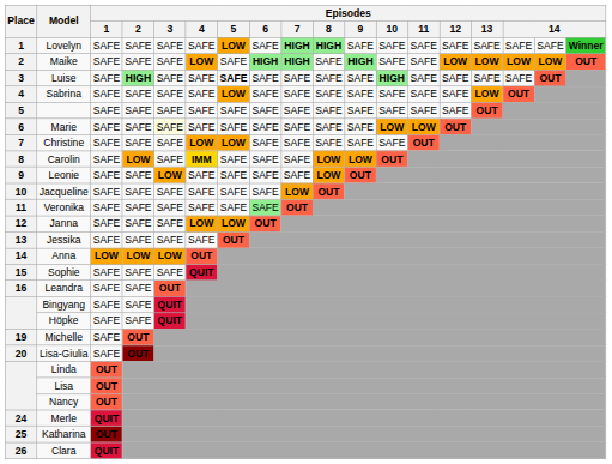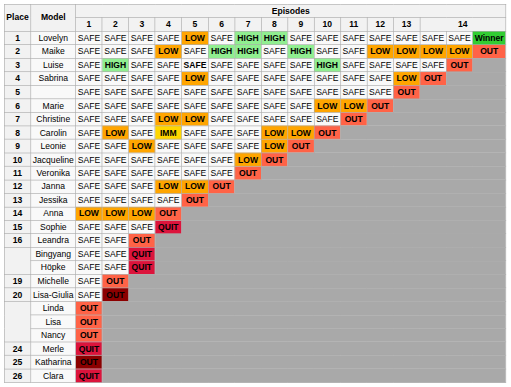 <table class="wikitable" style="width:50%; text-align:center; font-size:85%;">
 <tr>
 <th rowspan="2">Place</th>
 <th rowspan="2">Model</th>
 <th colspan="16">Episodes</th>
 </tr>
 <tr>
 <th>1</th>
 <th>2</th>
 <th>3</th>
 <th>4</th>
 <th>5</th>
 <th>6</th>
 <th>7</th>
 <th>8</th>
 <th>9</th>
 <th>10</th>
 <th>11</th>
 <th>12</th>
 <th>13</th>
 <th colspan="3">14</th>
 </tr>
 <tr>
 <th>1</th>
 <td>Lovelyn</td>
 <td>SAFE</td>
 <td>SAFE</td>
 <td>SAFE</td>
 <td>SAFE</td>
 <td style="background:orange;"><strong>LOW</strong></td>
 <td>SAFE</td>
 <td style="background:lightgreen;"><strong>HIGH</strong></td>
 <td style="background:lightgreen;"><strong>HIGH</strong></td>
 <td>SAFE</td>
 <td>SAFE</td>
 <td>SAFE</td>
 <td>SAFE</td>
 <td>SAFE</td>
 <td>SAFE</td>
 <td>SAFE</td>
 <td style="background:limegreen;"><strong>Winner</strong></td>
 </tr>
 <tr>
 <th>2</th>
 <td>Maike</td>
 <td>SAFE</td>
 <td>SAFE</td>
 <td>SAFE</td>
 <td style="background:orange;"><strong>LOW</strong></td>
 <td>SAFE</td>
 <td style="background:lightgreen;"><strong>HIGH</strong></td>
 <td style="background:lightgreen;"><strong>HIGH</strong></td>
 <td>SAFE</td>
 <td style="background:lightgreen;"><strong>HIGH</strong></td>
 <td>SAFE</td>
 <td>SAFE</td>
 <td style="background:orange;"><strong>LOW</strong></td>
 <td style="background:orange;"><strong>LOW</strong></td>
 <td style="background:orange;"><strong>LOW</strong></td>
 <td style="background:orange;"><strong>LOW</strong></td>
 <td style="background:tomato;"><strong>OUT</strong></td>
 </tr>
 <tr>
 <th>3</th>
 <td>Luise</td>
 <td>SAFE</td>
 <td style="background:lightgreen;"><strong>HIGH</strong></td>
 <td>SAFE</td>
 <td>SAFE</td>
 <td><strong>SAFE</strong></td>
 <td>SAFE</td>
 <td>SAFE</td>
 <td>SAFE</td>
 <td>SAFE</td>
 <td style="background:lightgreen;"><strong>HIGH</strong></td>
 <td>SAFE</td>
 <td>SAFE</td>
 <td>SAFE</td>
 <td>SAFE</td>
 <td style="background:tomato;"><strong>OUT</strong></td>
 <td style="background:darkgrey;" colspan="12"></td>
 </tr>
 <tr>
 <th>4</th>
 <td>Sabrina</td>
 <td>SAFE</td>
 <td>SAFE</td>
 <td>SAFE</td>
 <td>SAFE</td>
 <td style="background:orange;"><strong>LOW</strong></td>
 <td>SAFE</td>
 <td>SAFE</td>
 <td>SAFE</td>
 <td>SAFE</td>
 <td>SAFE</td>
 <td>SAFE</td>
 <td>SAFE</td>
 <td style="background:orange;"><strong>LOW</strong></td>
 <td style="background:tomato;"><strong>OUT</strong></td>
 <td style="background:darkgrey;" colspan="12"></td>
 </tr>
 <tr>
 <th>5</th>
 <td></td>
 <td>SAFE</td>
 <td>SAFE</td>
 <td>SAFE</td>
 <td>SAFE</td>
 <td>SAFE</td>
 <td>SAFE</td>
 <td>SAFE</td>
 <td>SAFE</td>
 <td>SAFE</td>
 <td>SAFE</td>
 <td>SAFE</td>
 <td>SAFE</td>
 <td style="background:tomato;"><strong>OUT</strong></td>
 <td style="background:darkgrey;" colspan="12"></td>
 </tr>
 <tr>
 <th>6</th>
 <td>Marie</td>
 <td>SAFE</td>
 <td>SAFE</td>
-<td style="background: lightyellow;">SAFE</td>
+<td>SAFE</td>
 <td>SAFE</td>
 <td>SAFE</td>
 <td>SAFE</td>
 <td>SAFE</td>
 <td>SAFE</td>
 <td>SAFE</td>
 <td style="background:orange;"><strong>LOW</strong></td>
 <td style="background:orange;"><strong>LOW</strong></td>
 <td style="background:tomato;"><strong>OUT</strong></td>
 <td style="background:darkgrey;" colspan="12"></td>
 </tr>
 <tr>
 <th>7</th>
 <td>Christine</td>
 <td>SAFE</td>
 <td>SAFE</td>
 <td>SAFE</td>
 <td style="background:orange;"><strong>LOW</strong></td>
 <td style="background:orange;"><strong>LOW</strong></td>
 <td>SAFE</td>
 <td>SAFE</td>
 <td>SAFE</td>
 <td>SAFE</td>
 <td>SAFE</td>
 <td style="background:tomato;"><strong>OUT</strong></td>
 <td style="background:darkgrey;" colspan="12"></td>
 </tr>
 <tr>
 <th>8</th>
 <td>Carolin</td>
 <td>SAFE</td>
 <td style="background:orange;"><strong>LOW</strong></td>
 <td>SAFE</td>
 <td style="background:gold;"><strong>IMM</strong></td>
 <td>SAFE</td>
 <td>SAFE</td>
 <td>SAFE</td>
 <td style="background:orange;"><strong>LOW</strong></td>
 <td style="background:orange;"><strong>LOW</strong></td>
 <td style="background:tomato;"><strong>OUT</strong></td>
 <td style="background:darkgrey;" colspan="12"></td>
 </tr>
 <tr>
 <th>9</th>
 <td>Leonie</td>
 <td>SAFE</td>
 <td>SAFE</td>
 <td style="background:orange;"><strong>LOW</strong></td>
 <td>SAFE</td>
 <td>SAFE</td>
 <td>SAFE</td>
 <td>SAFE</td>
 <td style="background:orange;"><strong>LOW</strong></td>
 <td style="background:tomato;"><strong>OUT</strong></td>
 <td style="background:darkgrey;" colspan="12"></td>
 </tr>
 <tr>
 <th>10</th>
 <td>Jacqueline</td>
 <td>SAFE</td>
 <td>SAFE</td>
 <td>SAFE</td>
 <td>SAFE</td>
 <td>SAFE</td>
 <td>SAFE</td>
 <td style="background:orange;"><strong>LOW</strong></td>
 <td style="background:tomato;"><strong>OUT</strong></td>
 <td style="background:darkgrey;" colspan="12"></td>
 </tr>
 <tr>
 <th>11</th>
 <td>Veronika</td>
 <td>SAFE</td>
 <td>SAFE</td>
 <td>SAFE</td>
 <td>SAFE</td>
 <td>SAFE</td>
-<td style="background: lightgreen;">SAFE</td>
+<td>SAFE</td>
 <td style="background:tomato;"><strong>OUT</strong></td>
 <td style="background:darkgrey;" colspan="12"></td>
 </tr>
 <tr>
 <th>12</th>
 <td>Janna</td>
 <td>SAFE</td>
 <td>SAFE</td>
 <td>SAFE</td>
 <td style="background:orange;"><strong>LOW</strong></td>
 <td style="background:orange;"><strong>LOW</strong></td>
 <td style="background:tomato;"><strong>OUT</strong></td>
 <td style="background:darkgrey;" colspan="12"></td>
 </tr>
 <tr>
 <th>13</th>
 <td>Jessika</td>
 <td>SAFE</td>
 <td>SAFE</td>
 <td>SAFE</td>
 <td>SAFE</td>
 <td style="background:tomato;"><strong>OUT</strong></td>
 <td style="background:darkgrey;" colspan="12"></td>
 </tr>
 <tr>
 <th>14</th>
 <td>Anna</td>
 <td style="background:orange;"><strong>LOW</strong></td>
 <td style="background:orange;"><strong>LOW</strong></td>
 <td style="background:orange;"><strong>LOW</strong></td>
 <td style="background:tomato;"><strong>OUT</strong></td>
 <td style="background:darkgrey;" colspan="12"></td>
 </tr>
 <tr>
 <th>15</th>
 <td>Sophie</td>
 <td>SAFE</td>
 <td>SAFE</td>
 <td>SAFE</td>
 <td style="background:crimson;"><span><strong>QUIT</strong></span></td>
 <td style="background:darkgrey;" colspan="12"></td>
 </tr>
 <tr>
 <th>16</th>
 <td>Leandra</td>
 <td>SAFE</td>
 <td>SAFE</td>
 <td style="background:tomato;"><strong>OUT</strong></td>
 <td style="background:darkgrey;" colspan="15"></td>
 </tr>
 <tr>
 <th rowspan="2"></th>
 <td>Bingyang</td>
 <td>SAFE</td>
 <td>SAFE</td>
 <td style="background:crimson;"><span><strong>QUIT</strong></span></td>
 <td style="background:darkgrey;" colspan="15"></td>
 </tr>
 <tr>
 <td>Höpke</td>
 <td>SAFE</td>
 <td>SAFE</td>
 <td style="background:crimson;"><span><strong>QUIT</strong></span></td>
 <td style="background:darkgrey;" colspan="14"></td>
 </tr>
 <tr>
 <th>19</th>
 <td>Michelle</td>
 <td>SAFE</td>
 <td style="background:tomato;"><strong>OUT</strong></td>
 <td style="background:darkgrey;" colspan="14"></td>
 </tr>
 <tr>
 <th>20</th>
 <td>Lisa-Giulia</td>
 <td>SAFE</td>
 <td style="background:darkred;"><span><strong>OUT</strong></span></td>
 <td style="background:darkgrey;" colspan="14"></td>
 </tr>
 <tr>
 <th rowspan="3"></th>
 <td>Linda</td>
 <td style="background:tomato;"><strong>OUT</strong></td>
 <td style="background:darkgrey;" colspan="15"></td>
 </tr>
 <tr>
 <td>Lisa</td>
 <td style="background:tomato;"><strong>OUT</strong></td>
 <td style="background:darkgrey;" colspan="15"></td>
 </tr>
 <tr>
 <td>Nancy</td>
 <td style="background:tomato;"><strong>OUT</strong></td>
 <td style="background:darkgrey;" colspan="15"></td>
 </tr>
 <tr>
 <th>24</th>
 <td>Merle</td>
 <td style="background:crimson;"><span><strong>QUIT</strong></span></td>
 <td style="background:darkgrey;" colspan="15"></td>
 </tr>
 <tr>
 <th>25</th>
 <td>Katharina</td>
 <td style="background:darkred;"><span><strong>OUT</strong></span></td>
 <td style="background:darkgrey;" colspan="15"></td>
 </tr>
 <tr>
 <th>26</th>
 <td>Clara</td>
 <td style="background:crimson;"><span><strong>QUIT</strong></span></td>
 <td style="background:darkgrey;" colspan="15"></td>
 </tr>
 </table>
